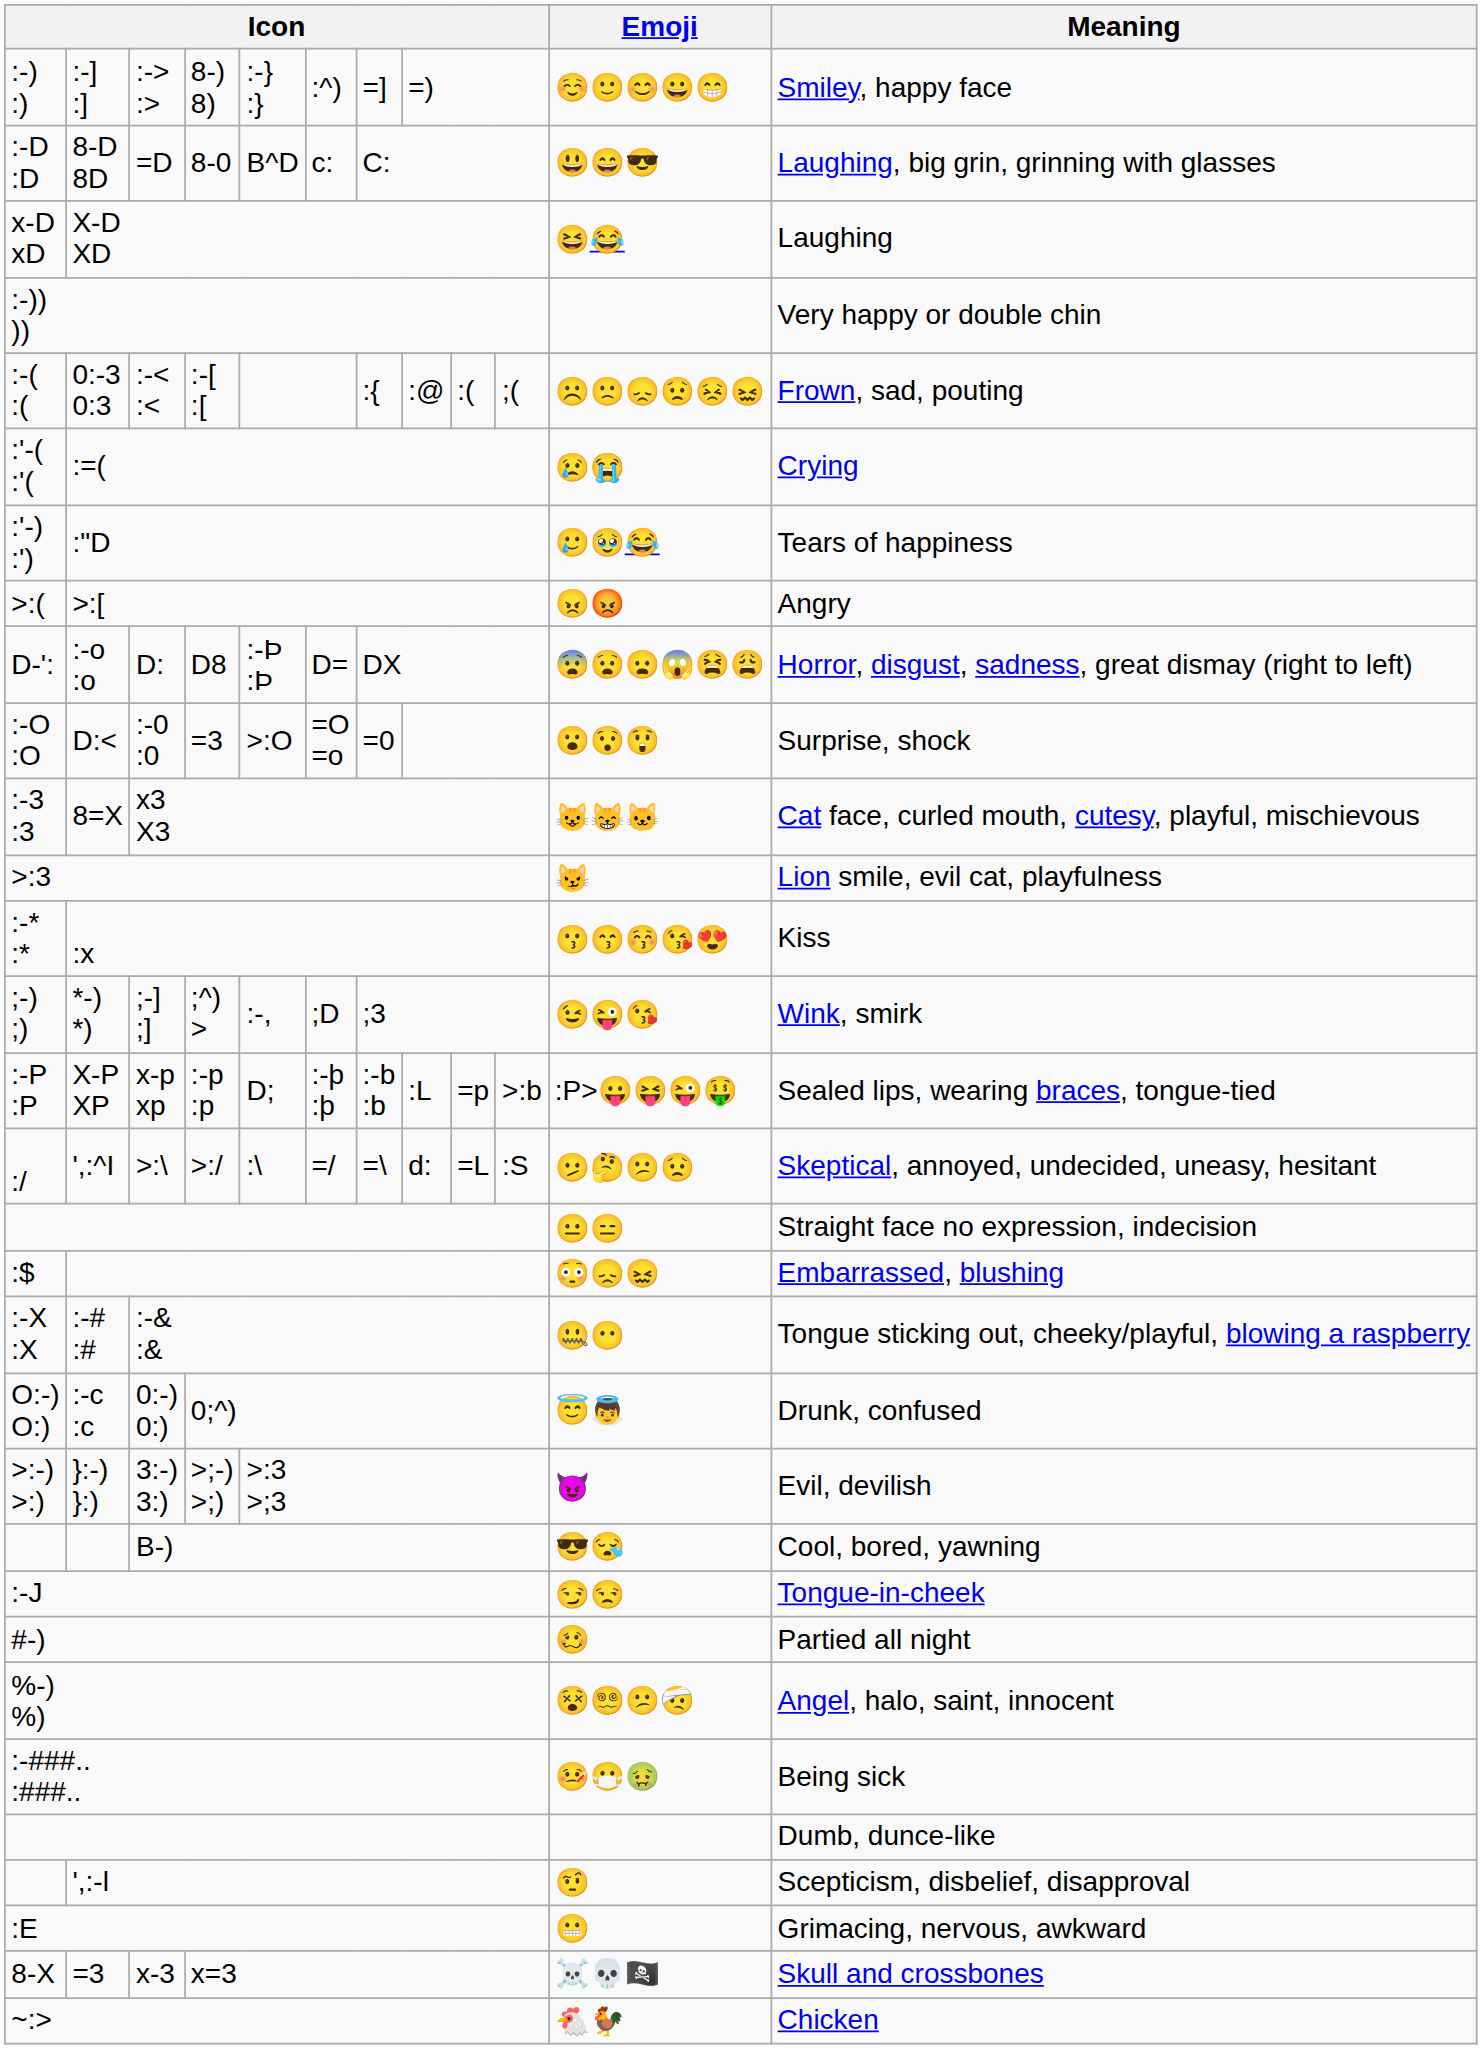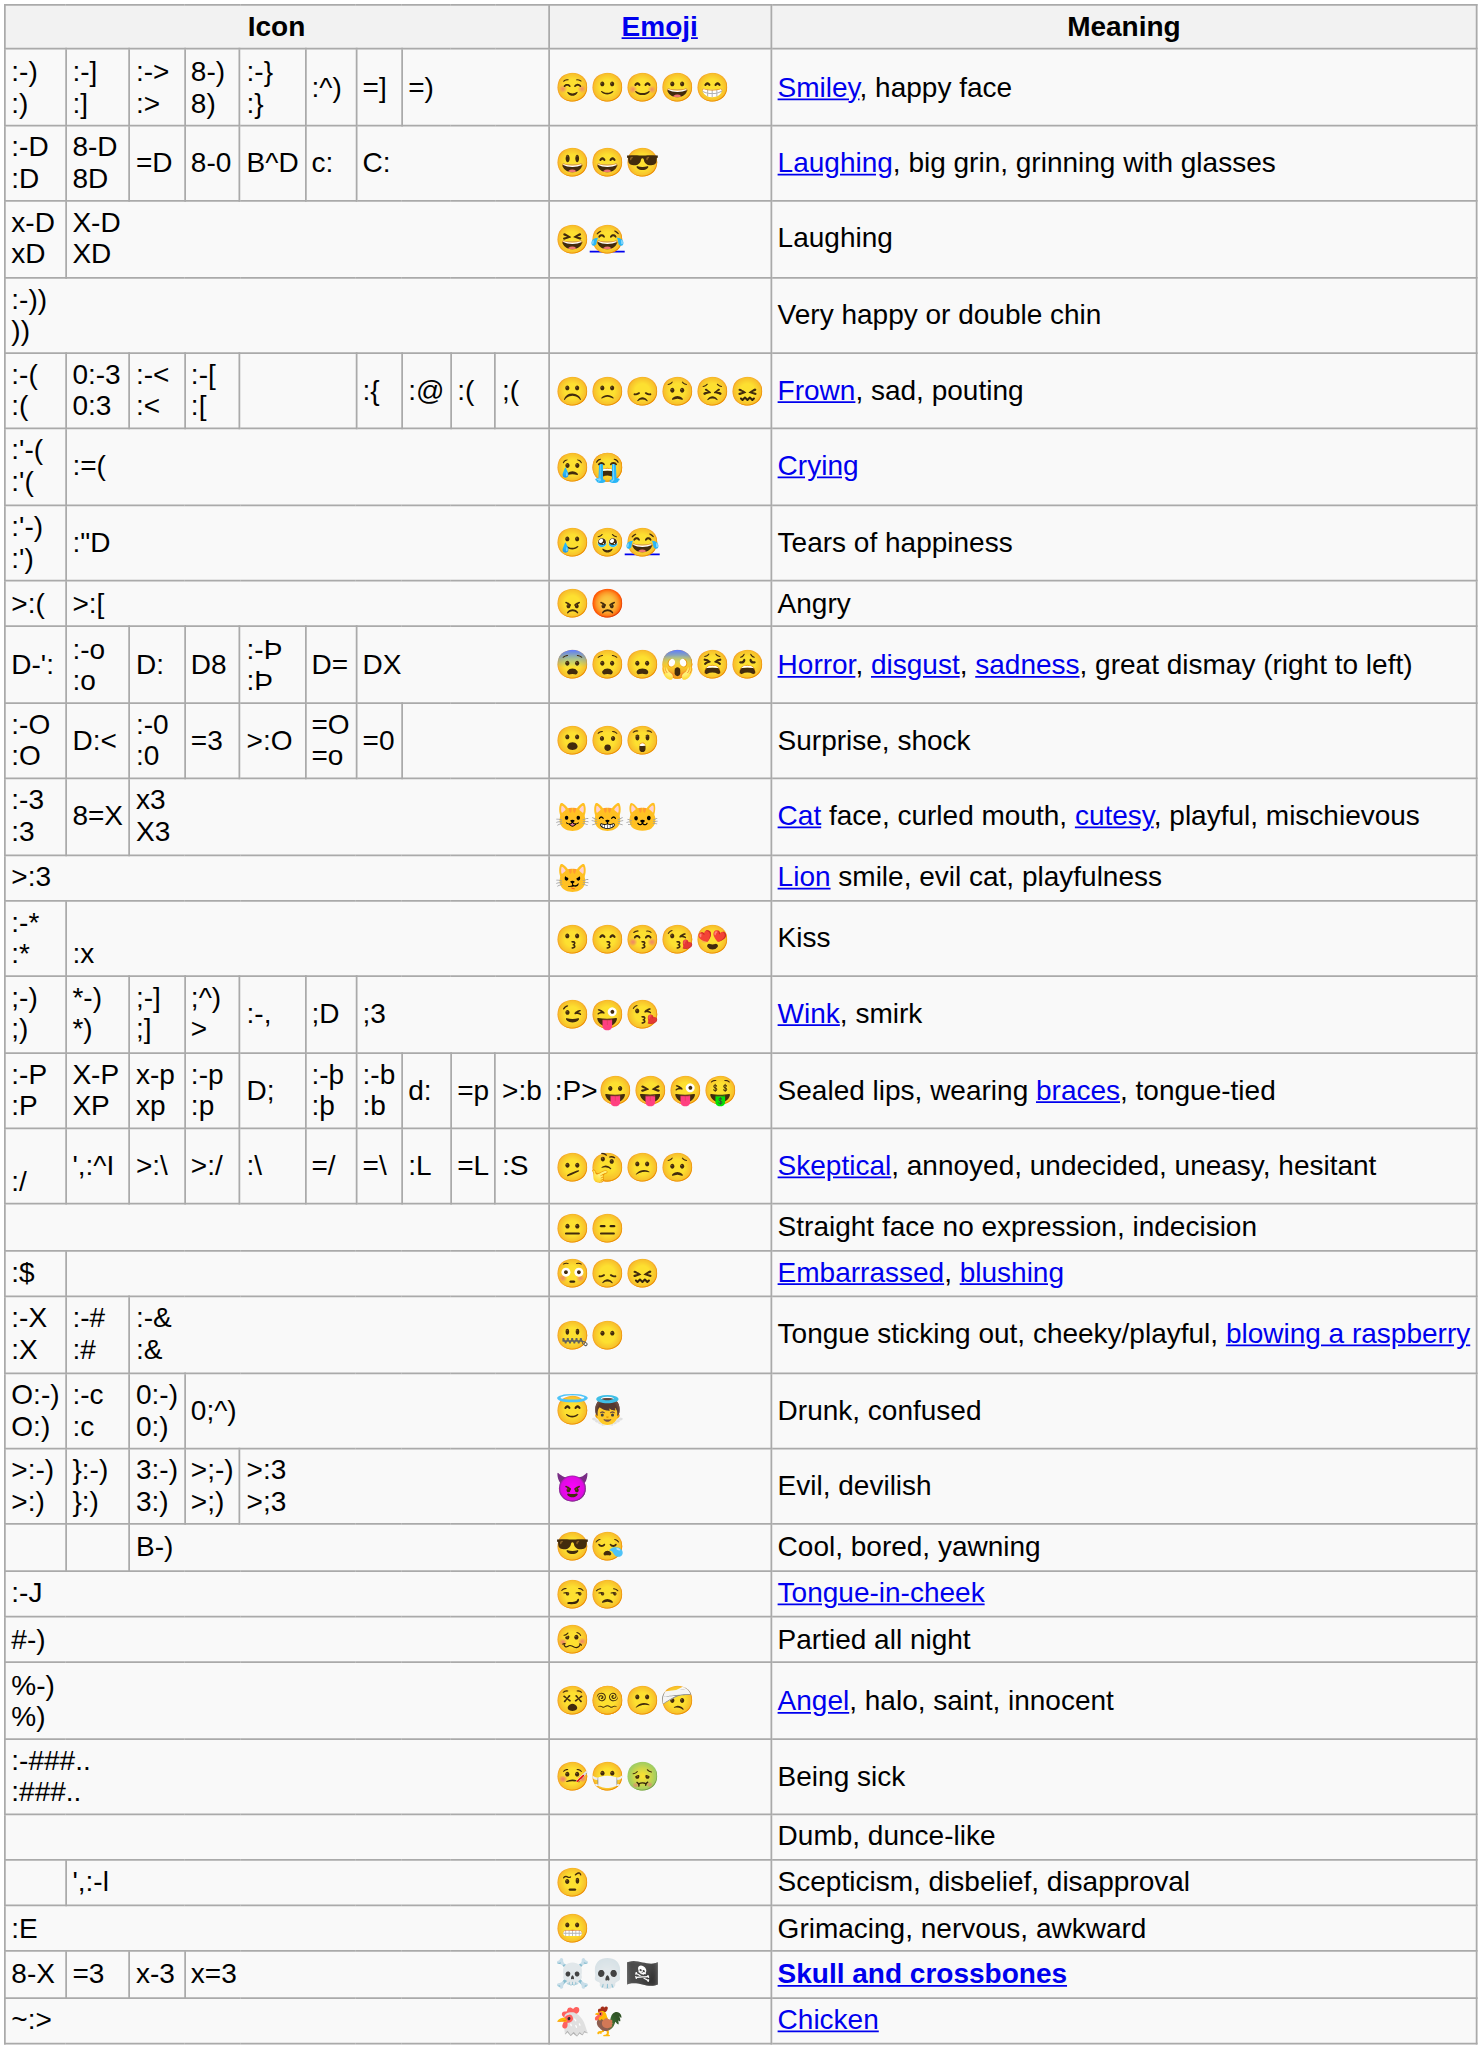 <table class="wikitable">
 <tr>
 <th colspan="10">Icon</th>
 <th><a href='#'>Emoji</a></th>
 <th>Meaning</th>
 </tr>
 <tr>
 <td>:‑)<br>:)</td>
 <td>:-]<br>:]</td>
 <td>:-><br>:></td>
 <td>8-)<br>8)</td>
 <td>:-}<br>:}</td>
 <td>:^)</td>
 <td>=]</td>
 <td colspan="3">=)</td>
 <td>☺️🙂😊😀😁</td>
 <td><a href='#'>Smiley</a>, happy face</td>
 </tr>
 <tr>
 <td>:‑D<br>:D</td>
 <td>8‑D<br>8D</td>
 <td>=D</td>
 <td>8‑0</td>
 <td>B^D</td>
 <td>c:</td>
 <td colspan="4">C:</td>
 <td>😃😄😎</td>
 <td><a href='#'>Laughing</a>, big grin, grinning with glasses</td>
 </tr>
 <tr>
 <td>x‑D<br>xD</td>
 <td colspan="9">X‑D<br>XD</td>
 <td>😆<a href='#'>😂</a></td>
 <td>Laughing</td>
 </tr>
 <tr>
 <td colspan="10">:-))<br>))</td>
 <td></td>
 <td>Very happy or double chin</td>
 </tr>
 <tr>
 <td>:‑(<br>:(</td>
 <td>0:‑3<br>0:3</td>
 <td>:‑< <br>:<</td>
 <td>:‑[<br>:[</td>
 <td colspan="2"></td>
 <td>:{</td>
 <td>:@</td>
 <td>:(</td>
 <td>;(</td>
 <td>☹️🙁😞😟😣😖</td>
 <td><a href='#'>Frown</a>, sad, pouting</td>
 </tr>
 <tr>
 <td>:'‑(<br>:'(</td>
 <td colspan="9">:=(</td>
 <td>😢😭</td>
 <td><a href='#'>Crying</a></td>
 </tr>
 <tr>
 <td>:'‑)<br>:')</td>
 <td colspan="9">:"D</td>
 <td>🥲🥹<a href='#'>😂</a></td>
 <td>Tears of happiness</td>
 </tr>
 <tr>
 <td>>:(</td>
 <td colspan="9">>:[</td>
 <td>😠😡</td>
 <td>Angry</td>
 </tr>
 <tr>
 <td>D‑':</td>
 <td>:‑o<br>:o</td>
 <td>D:</td>
 <td>D8</td>
 <td>:‑Þ<br>:Þ</td>
 <td>D=</td>
 <td colspan="4">DX</td>
 <td>😨😧😦😱😫😩</td>
 <td><a href='#'>Horror</a>, <a href='#'>disgust</a>, <a href='#'>sadness</a>, great dismay (right to left)</td>
 </tr>
 <tr>
 <td>:‑O<br>:O</td>
 <td>D:<</td>
 <td>:-0<br>:0</td>
 <td>=3</td>
 <td>>:O</td>
 <td>=O<br>=o</td>
 <td>=0</td>
 <td colspan="3"></td>
 <td>😮😯😲</td>
 <td>Surprise, shock</td>
 </tr>
 <tr>
 <td>:-3<br>:3</td>
 <td>8=X</td>
 <td colspan="8">x3<br>X3</td>
 <td>😺😸🐱</td>
 <td><a href='#'>Cat</a> face, curled mouth, <a href='#'>cutesy</a>, playful, mischievous</td>
 </tr>
 <tr>
 <td colspan="10">>:3</td>
 <td>😼</td>
 <td><a href='#'>Lion</a> smile, evil cat, playfulness</td>
 </tr>
 <tr>
 <td>:-*<br>:*</td>
 <td colspan="9"><br>:x</td>
 <td>😗😙😚😘😍</td>
 <td>Kiss</td>
 </tr>
 <tr>
 <td>;‑)<br>;)</td>
 <td>*-)<br>*)</td>
 <td>;‑]<br>;]</td>
 <td>;^)<br>></td>
 <td>:‑,</td>
 <td>;D</td>
 <td colspan="4">;3</td>
 <td>😉😜😘</td>
 <td><a href='#'>Wink</a>, smirk</td>
 </tr>
 <tr>
 <td>:‑P<br>:P</td>
 <td>X‑P<br>XP</td>
 <td>x‑p<br>xp</td>
 <td>:‑p<br>:p</td>
 <td>D;</td>
 <td>:‑þ<br>:þ</td>
 <td>:‑b<br>:b</td>
-<td>:L</td>
+<td>d:</td>
 <td>=p</td>
 <td q:>>:b</td>
 <td >:P>😛😝😜🤑</td>
 <td>Sealed lips, wearing <a href='#'>braces</a>, tongue-tied</td>
 </tr>
 <tr>
 <td><br>:/</td>
 <td>',:^I</td>
 <td>>:\</td>
 <td>>:/</td>
 <td>:\</td>
 <td>=/</td>
 <td>=\</td>
-<td>d:</td>
+<td>:L</td>
 <td>=L</td>
 <td>:S</td>
 <td>🫤🤔😕😟</td>
 <td><a href='#'>Skeptical</a>, annoyed, undecided, uneasy, hesitant</td>
 </tr>
 <tr>
 <td colspan="10"><br></td>
 <td>😐😑</td>
 <td>Straight face no expression, indecision</td>
 </tr>
 <tr>
 <td>:$</td>
 <td colspan="9"><br></td>
 <td>😳😞😖</td>
 <td><a href='#'>Embarrassed</a>, <a href='#'>blushing</a></td>
 </tr>
 <tr>
 <td>:‑X<br>:X</td>
 <td>:‑#<br>:#</td>
 <td colspan="8">:‑&<br>:&</td>
 <td>🤐😶</td>
 <td>Tongue sticking out, cheeky/playful, <a href='#'>blowing a raspberry</a></td>
 </tr>
 <tr>
 <td>O:‑)<br>O:)</td>
 <td>:‑c<br>:c</td>
 <td>0:‑)<br>0:)</td>
 <td colspan="7">0;^)</td>
 <td>😇👼</td>
 <td>Drunk, confused</td>
 </tr>
 <tr>
 <td>>:‑)<br> >:)</td>
 <td>}:‑)<br>}:)</td>
 <td>3:‑)<br>3:)</td>
 <td>>;‑)<br> >;)</td>
 <td colspan="6">>:3<br> >;3</td>
 <td>😈</td>
 <td>Evil, devilish</td>
 </tr>
 <tr>
 <td></td>
 <td></td>
 <td colspan="8">B-)</td>
 <td>😎😪</td>
 <td>Cool, bored, yawning</td>
 </tr>
 <tr>
 <td colspan="10">:‑J</td>
 <td>😏😒</td>
 <td><a href='#'>Tongue-in-cheek</a></td>
 </tr>
 <tr>
 <td colspan="10">#‑)</td>
 <td>🥴</td>
 <td>Partied all night</td>
 </tr>
 <tr>
 <td colspan="10">%‑)<br>%)</td>
 <td>😵😵‍💫😕🤕</td>
 <td><a href='#'>Angel</a>, halo, saint, innocent</td>
 </tr>
 <tr>
 <td colspan="10">:‑###..<br>:###..</td>
 <td>🤒😷🤢</td>
 <td>Being sick</td>
 </tr>
 <tr>
 <td colspan="10"></td>
 <td></td>
 <td>Dumb, dunce-like</td>
 </tr>
 <tr>
 <td></td>
 <td colspan="9">',:-l</td>
 <td>🤨</td>
 <td>Scepticism, disbelief, disapproval</td>
 </tr>
 <tr>
 <td colspan="10">:E</td>
 <td>😬</td>
 <td>Grimacing, nervous, awkward</td>
 </tr>
 <tr>
 <td>8-X</td>
 <td>=3</td>
 <td>x-3</td>
 <td colspan="7">x=3</td>
 <td>☠️💀🏴‍☠️</td>
-<td><a href='#'>Skull and crossbones</a></td>
+<td><strong><a href='#'>Skull and crossbones</a></strong></td>
 </tr>
 <tr>
 <td colspan="10">~:></td>
 <td>🐔🐓</td>
 <td><a href='#'>Chicken</a></td>
 </tr>
 </table>
